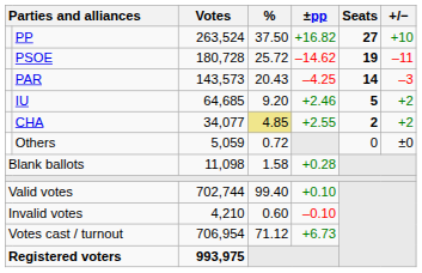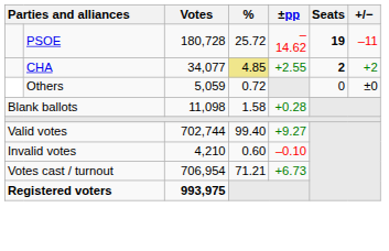 <table class="wikitable" style="text-align:right;">
 <tr>
 <th style="text-align:left;" colspan="2" width="200">Parties and alliances</th>
 <th width="75">Votes</th>
 <th width="45">%</th>
 <th width="45">±<a href='#'>pp</a></th>
 <th width="35">Seats</th>
 <th width="35">+/−</th>
 </tr>
 <tr>
-<td width="1" style="color:inherit;background:"></td>
-<td align="left"><a href='#'>PP</a></td>
-<td>263,524</td>
-<td>37.50</td>
-<td style="color:green;">+16.82</td>
-<td><strong>27</strong></td>
-<td style="color:green;">+10</td>
-</tr>
-<tr>
 <td style="color:inherit;background:"></td>
 <td align="left"><a href='#'>PSOE</a></td>
 <td>180,728</td>
 <td>25.72</td>
 <td style="color:red;">–14.62</td>
 <td><strong>19</strong></td>
 <td style="color:red;">–11</td>
-</tr>
-<tr>
-<td style="color:inherit;background:"></td>
-<td align="left"><a href='#'>PAR</a></td>
-<td>143,573</td>
-<td>20.43</td>
-<td style="color:red;">–4.25</td>
-<td><strong>14</strong></td>
-<td style="color:red;">–3</td>
-</tr>
-<tr>
-<td style="color:inherit;background:"></td>
-<td align="left"><a href='#'>IU</a></td>
-<td>64,685</td>
-<td>9.20</td>
-<td style="color:green;">+2.46</td>
-<td><strong>5</strong></td>
-<td style="color:green;">+2</td>
 </tr>
 <tr>
 <td style="color:inherit;background:"></td>
 <td align="left"><a href='#'>CHA</a></td>
 <td>34,077</td>
 <td style="background: khaki;">4.85</td>
 <td style="color:green;">+2.55</td>
 <td><strong>2</strong></td>
 <td style="color:green;">+2</td>
 </tr>
 <tr>
 <td bgcolor="white"></td>
 <td align="left">Others</td>
 <td>5,059</td>
 <td>0.72</td>
 <td bgcolor="#E9E9E9"></td>
 <td>0</td>
 <td>±0</td>
 </tr>
 <tr>
 <td align="left" colspan="2">Blank ballots</td>
 <td>11,098</td>
 <td>1.58</td>
 <td style="color:green;">+0.28</td>
 <td bgcolor="#E9E9E9" colspan="2"></td>
 </tr>
 <tr>
 <td colspan="7" bgcolor="#E9E9E9"></td>
 </tr>
 <tr>
 <td align="left" colspan="2">Valid votes</td>
 <td>702,744</td>
 <td>99.40</td>
-<td style="color:green;">+0.10</td>
+<td style="color:green;">+9.27</td>
 <td bgcolor="#E9E9E9" colspan="2" rowspan="4"></td>
 </tr>
 <tr>
 <td align="left" colspan="2">Invalid votes</td>
 <td>4,210</td>
 <td>0.60</td>
 <td style="color:red;">–0.10</td>
 </tr>
 <tr>
 <td align="left" colspan="2">Votes cast / turnout</td>
 <td>706,954</td>
-<td>71.12</td>
+<td>71.21</td>
 <td style="color:green;">+6.73</td>
 </tr>
 <tr style="font-weight:bold;">
 <td align="left" colspan="2">Registered voters</td>
 <td>993,975</td>
 <td bgcolor="#E9E9E9" colspan="2"></td>
 </tr>
 </table>
